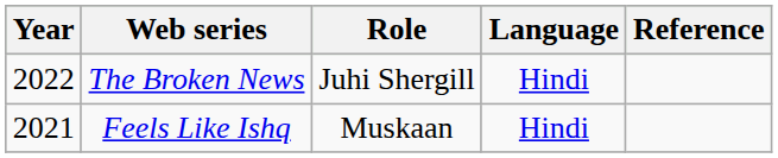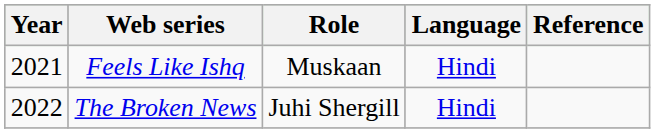 <table class="wikitable" style="text-align:center;">
 <tr style="background:#cfc;">
 <th>Year</th>
 <th>Web series</th>
 <th>Role</th>
 <th>Language</th>
 <th>Reference</th>
 </tr>
 <tr>
+<td>2021</td>
+<td><em><a href='#'>Feels Like Ishq</a></em></td>
+<td>Muskaan</td>
+<td><a href='#'>Hindi</a></td>
+<td></td>
+</tr>
+<tr>
 <td>2022</td>
 <td><em><a href='#'>The Broken News</a></em></td>
 <td>Juhi Shergill</td>
 <td><a href='#'>Hindi</a></td>
 <td></td>
 </tr>
-<tr>
-<td>2021</td>
-<td><em><a href='#'>Feels Like Ishq</a></em></td>
-<td>Muskaan</td>
-<td><a href='#'>Hindi</a></td>
-<td></td>
-</tr>
 </table>
